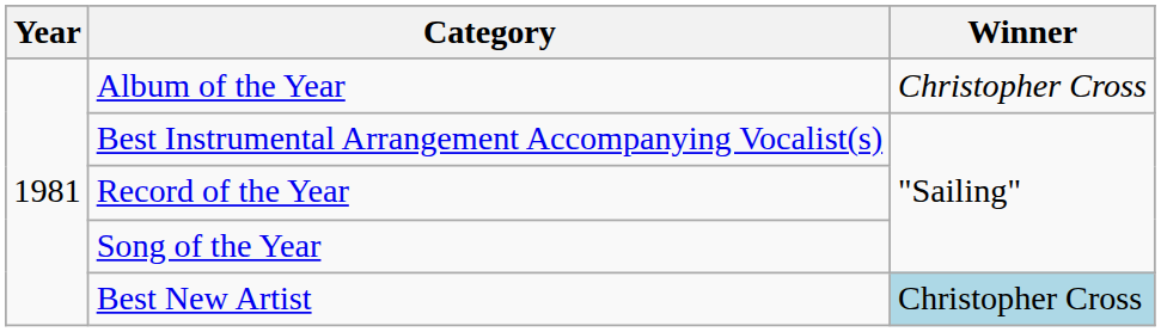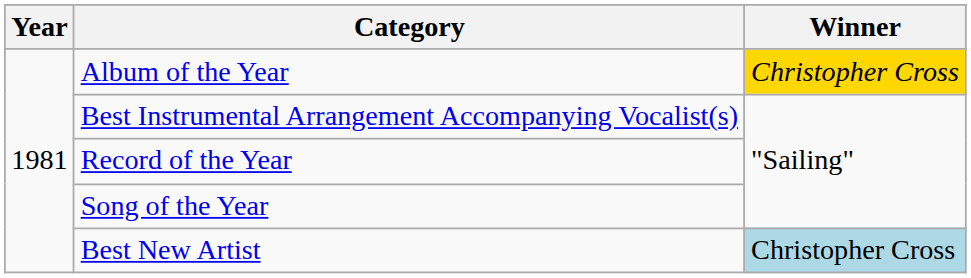 <table class="wikitable">
 <tr>
 <th>Year</th>
 <th>Category</th>
 <th>Winner</th>
 </tr>
 <tr>
 <td rowspan="5">1981</td>
 <td><a href='#'>Album of the Year</a></td>
-<td><em>Christopher Cross</em></td>
+<td style="background: gold;"><em>Christopher Cross</em></td>
 </tr>
 <tr>
 <td><a href='#'>Best Instrumental Arrangement Accompanying Vocalist(s)</a></td>
 <td rowspan="3">"Sailing"</td>
 </tr>
 <tr>
 <td><a href='#'>Record of the Year</a></td>
 </tr>
 <tr>
 <td><a href='#'>Song of the Year</a></td>
 </tr>
 <tr>
 <td><a href='#'>Best New Artist</a></td>
 <td style="background: lightblue;">Christopher Cross</td>
 </tr>
 </table>
